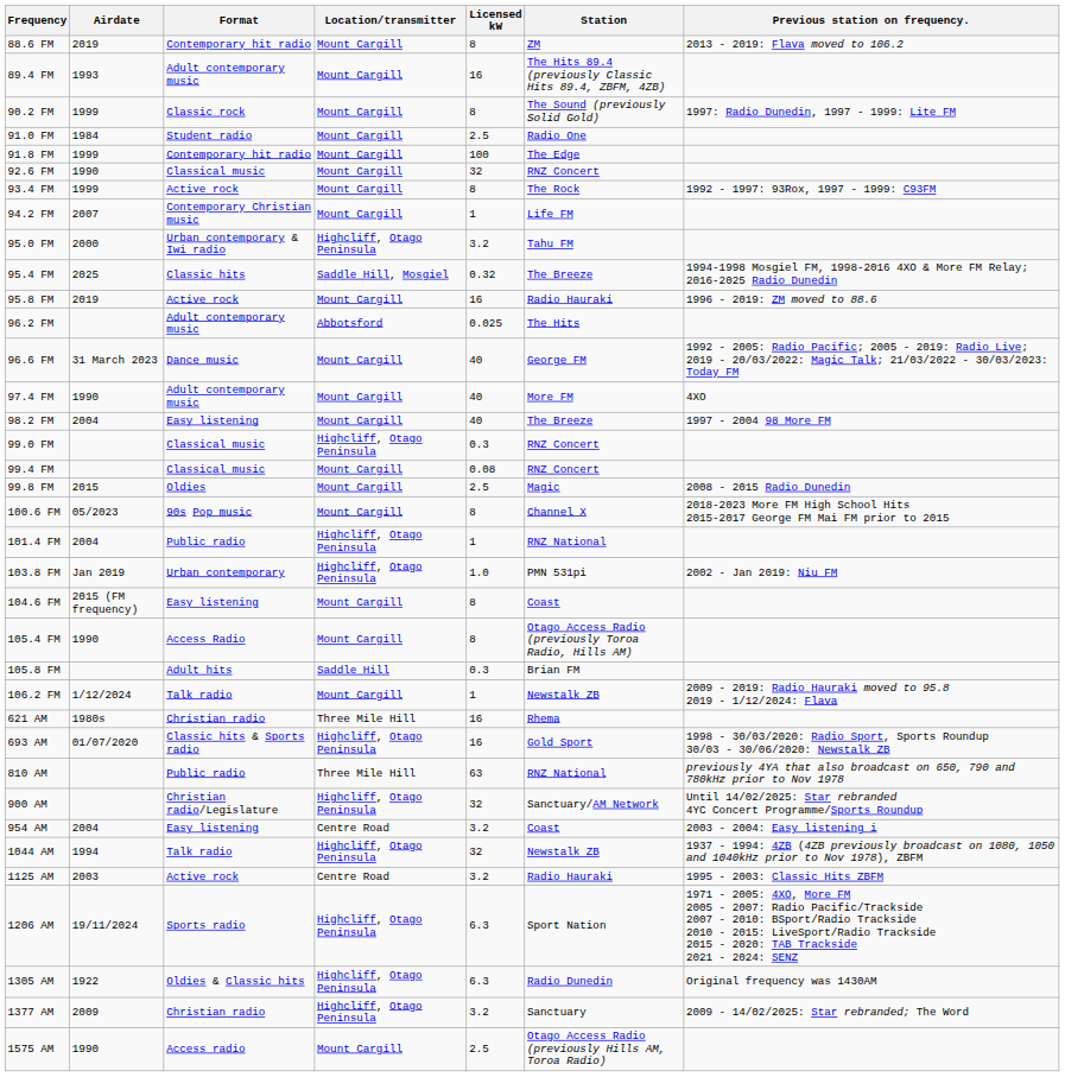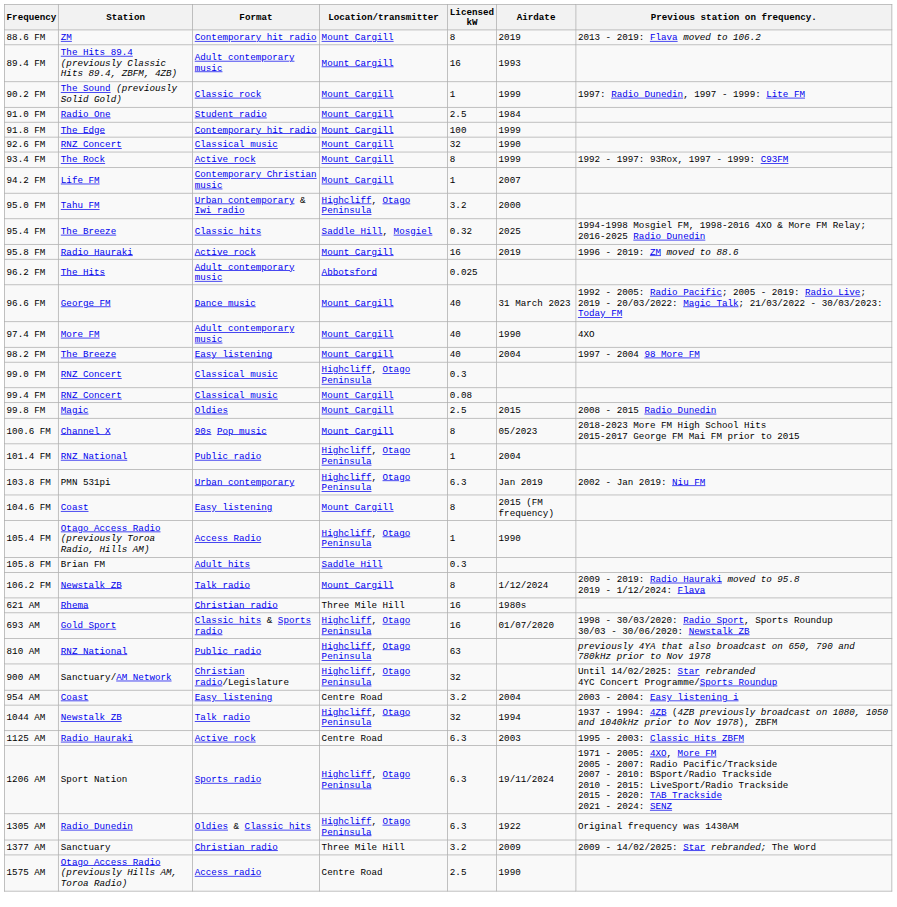 <table class="wikitable sortable defaultleft col5right">
 <tr>
 <th>Frequency<br></th>
-<th>Airdate</th>
+<th>Station</th>
 <th>Format</th>
 <th>Location/transmitter</th>
 <th>Licensed<br>kW</th>
-<th>Station</th>
+<th>Airdate</th>
 <th>Previous station on frequency.</th>
 </tr>
 <tr>
 <td>88.6 FM</td>
-<td>2019</td>
+<td><a href='#'>ZM</a></td>
 <td><a href='#'>Contemporary hit radio</a></td>
 <td><a href='#'>Mount Cargill</a></td>
 <td>8</td>
-<td><a href='#'>ZM</a></td>
+<td>2019</td>
 <td>2013 - 2019: <a href='#'>Flava</a> <em>moved to 106.2</em></td>
 </tr>
 <tr>
 <td>89.4 FM</td>
-<td>1993</td>
+<td><a href='#'>The Hits 89.4</a> <br><em>(previously Classic Hits 89.4, ZBFM, 4ZB)</em></td>
 <td><a href='#'>Adult contemporary music</a></td>
 <td><a href='#'>Mount Cargill</a></td>
 <td>16</td>
-<td><a href='#'>The Hits 89.4</a> <br><em>(previously Classic Hits 89.4, ZBFM, 4ZB)</em></td>
+<td>1993</td>
 <td></td>
 </tr>
 <tr>
 <td>90.2 FM</td>
-<td>1999</td>
+<td><a href='#'>The Sound</a> <em>(previously Solid Gold)</em></td>
 <td><a href='#'>Classic rock</a></td>
 <td><a href='#'>Mount Cargill</a></td>
-<td>8</td>
-<td><a href='#'>The Sound</a> <em>(previously Solid Gold)</em></td>
+<td>1</td>
+<td>1999</td>
 <td>1997: <a href='#'>Radio Dunedin</a>, 1997 - 1999: <a href='#'>Lite FM</a></td>
 </tr>
 <tr>
 <td>91.0 FM</td>
-<td>1984</td>
+<td><a href='#'>Radio One</a></td>
 <td><a href='#'>Student radio</a></td>
 <td><a href='#'>Mount Cargill</a></td>
 <td>2.5</td>
-<td><a href='#'>Radio One</a></td>
+<td>1984</td>
 <td></td>
 </tr>
 <tr>
 <td>91.8 FM</td>
-<td>1999</td>
+<td><a href='#'>The Edge</a></td>
 <td><a href='#'>Contemporary hit radio</a></td>
 <td><a href='#'>Mount Cargill</a></td>
 <td>100</td>
-<td><a href='#'>The Edge</a></td>
+<td>1999</td>
 <td></td>
 </tr>
 <tr>
 <td>92.6 FM</td>
-<td>1990</td>
+<td><a href='#'>RNZ Concert</a></td>
 <td><a href='#'>Classical music</a></td>
 <td><a href='#'>Mount Cargill</a></td>
 <td>32</td>
-<td><a href='#'>RNZ Concert</a></td>
+<td>1990</td>
 <td></td>
 </tr>
 <tr>
 <td>93.4 FM</td>
-<td>1999</td>
+<td><a href='#'>The Rock</a></td>
 <td><a href='#'>Active rock</a></td>
 <td><a href='#'>Mount Cargill</a></td>
 <td>8</td>
-<td><a href='#'>The Rock</a></td>
+<td>1999</td>
 <td>1992 - 1997: 93Rox, 1997 - 1999: <a href='#'>C93FM</a></td>
 </tr>
 <tr>
 <td>94.2 FM</td>
-<td>2007</td>
+<td><a href='#'>Life FM</a></td>
 <td><a href='#'>Contemporary Christian music</a></td>
 <td><a href='#'>Mount Cargill</a></td>
 <td>1</td>
-<td><a href='#'>Life FM</a></td>
+<td>2007</td>
 <td></td>
 </tr>
 <tr>
 <td>95.0 FM</td>
-<td>2000</td>
+<td><a href='#'>Tahu FM</a></td>
 <td><a href='#'>Urban contemporary</a> & <a href='#'>Iwi radio</a></td>
 <td><a href='#'>Highcliff</a>, <a href='#'>Otago Peninsula</a></td>
 <td>3.2</td>
-<td><a href='#'>Tahu FM</a></td>
+<td>2000</td>
 <td></td>
 </tr>
 <tr>
 <td>95.4 FM</td>
-<td>2025</td>
+<td><a href='#'>The Breeze</a></td>
 <td><a href='#'>Classic hits</a></td>
 <td><a href='#'>Saddle Hill</a>, <a href='#'>Mosgiel</a></td>
 <td>0.32</td>
-<td><a href='#'>The Breeze</a></td>
+<td>2025</td>
 <td>1994-1998 Mosgiel FM, 1998-2016 4XO & More FM Relay; 2016-2025 <a href='#'>Radio Dunedin</a></td>
 </tr>
 <tr>
 <td>95.8 FM</td>
-<td>2019</td>
+<td><a href='#'>Radio Hauraki</a></td>
 <td><a href='#'>Active rock</a></td>
 <td><a href='#'>Mount Cargill</a></td>
 <td>16</td>
-<td><a href='#'>Radio Hauraki</a></td>
+<td>2019</td>
 <td>1996 - 2019: <a href='#'>ZM</a> <em>moved to 88.6</em></td>
 </tr>
 <tr>
 <td>96.2 FM</td>
-<td></td>
+<td><a href='#'>The Hits</a></td>
 <td><a href='#'>Adult contemporary music</a></td>
 <td><a href='#'>Abbotsford</a></td>
 <td>0.025</td>
-<td><a href='#'>The Hits</a></td>
+<td></td>
 <td></td>
 </tr>
 <tr>
 <td>96.6 FM</td>
-<td>31 March 2023</td>
+<td><a href='#'>George FM</a></td>
 <td><a href='#'>Dance music</a></td>
 <td><a href='#'>Mount Cargill</a></td>
 <td>40</td>
-<td><a href='#'>George FM</a></td>
+<td>31 March 2023</td>
 <td>1992 - 2005: <a href='#'>Radio Pacific</a>; 2005 - 2019: <a href='#'>Radio Live</a>; 2019 - 20/03/2022: <a href='#'>Magic Talk</a>; 21/03/2022 - 30/03/2023: <a href='#'>Today FM</a></td>
 </tr>
 <tr>
 <td>97.4 FM</td>
-<td>1990</td>
+<td><a href='#'>More FM</a></td>
 <td><a href='#'>Adult contemporary music</a></td>
 <td><a href='#'>Mount Cargill</a></td>
 <td>40</td>
-<td><a href='#'>More FM</a></td>
+<td>1990</td>
 <td>4XO</td>
 </tr>
 <tr>
 <td>98.2 FM</td>
-<td>2004</td>
+<td><a href='#'>The Breeze</a></td>
 <td><a href='#'>Easy listening</a></td>
 <td><a href='#'>Mount Cargill</a></td>
 <td>40</td>
-<td><a href='#'>The Breeze</a></td>
+<td>2004</td>
 <td>1997 - 2004 <a href='#'>98 More FM</a></td>
 </tr>
 <tr>
 <td>99.0 FM</td>
-<td></td>
+<td><a href='#'>RNZ Concert</a></td>
 <td><a href='#'>Classical music</a></td>
 <td><a href='#'>Highcliff</a>, <a href='#'>Otago Peninsula</a></td>
 <td>0.3</td>
-<td><a href='#'>RNZ Concert</a></td>
+<td></td>
 <td></td>
 </tr>
 <tr>
 <td>99.4 FM</td>
-<td></td>
+<td><a href='#'>RNZ Concert</a></td>
 <td><a href='#'>Classical music</a></td>
 <td><a href='#'>Mount Cargill</a></td>
 <td>0.08</td>
-<td><a href='#'>RNZ Concert</a></td>
+<td></td>
 <td></td>
 </tr>
 <tr>
 <td>99.8 FM</td>
-<td>2015</td>
+<td><a href='#'>Magic</a></td>
 <td><a href='#'>Oldies</a></td>
 <td><a href='#'>Mount Cargill</a></td>
 <td>2.5</td>
-<td><a href='#'>Magic</a></td>
+<td>2015</td>
 <td>2008 - 2015 <a href='#'>Radio Dunedin</a></td>
 </tr>
 <tr>
 <td>100.6 FM</td>
-<td>05/2023</td>
+<td><a href='#'>Channel X</a></td>
 <td><a href='#'>90s</a> <a href='#'>Pop music</a></td>
 <td><a href='#'>Mount Cargill</a></td>
 <td>8</td>
-<td><a href='#'>Channel X</a></td>
+<td>05/2023</td>
 <td>2018-2023 More FM High School Hits<br>2015-2017 George FM Mai FM prior to 2015</td>
 </tr>
 <tr>
 <td>101.4 FM</td>
-<td>2004</td>
+<td><a href='#'>RNZ National</a></td>
 <td><a href='#'>Public radio</a></td>
 <td><a href='#'>Highcliff</a>, <a href='#'>Otago Peninsula</a></td>
 <td>1</td>
-<td><a href='#'>RNZ National</a></td>
+<td>2004</td>
 <td></td>
 </tr>
 <tr>
 <td>103.8 FM</td>
-<td>Jan 2019</td>
+<td>PMN 531pi</td>
 <td><a href='#'>Urban contemporary</a></td>
 <td><a href='#'>Highcliff</a>, <a href='#'>Otago Peninsula</a></td>
-<td>1.0</td>
-<td>PMN 531pi</td>
+<td>6.3</td>
+<td>Jan 2019</td>
 <td>2002 - Jan 2019: <a href='#'>Niu FM</a></td>
 </tr>
 <tr>
 <td>104.6 FM</td>
-<td>2015 (FM frequency)</td>
+<td><a href='#'>Coast</a></td>
 <td><a href='#'>Easy listening</a></td>
 <td><a href='#'>Mount Cargill</a></td>
 <td>8</td>
-<td><a href='#'>Coast</a></td>
+<td>2015 (FM frequency)</td>
 <td></td>
 </tr>
 <tr>
 <td>105.4 FM</td>
+<td><a href='#'>Otago Access Radio</a> <br><em>(previously Toroa Radio, Hills AM)</em></td>
+<td><a href='#'>Access Radio</a></td>
+<td><a href='#'>Highcliff</a>, <a href='#'>Otago Peninsula</a></td>
+<td>1</td>
 <td>1990</td>
-<td><a href='#'>Access Radio</a></td>
-<td><a href='#'>Mount Cargill</a></td>
-<td>8</td>
-<td><a href='#'>Otago Access Radio</a> <br><em>(previously Toroa Radio, Hills AM)</em></td>
 <td></td>
 </tr>
 <tr>
 <td>105.8 FM</td>
-<td></td>
+<td>Brian FM</td>
 <td><a href='#'>Adult hits</a></td>
 <td><a href='#'>Saddle Hill</a></td>
 <td>0.3</td>
-<td>Brian FM</td>
+<td></td>
 <td></td>
 </tr>
 <tr>
 <td>106.2 FM</td>
-<td>1/12/2024</td>
+<td><a href='#'>Newstalk ZB</a></td>
 <td><a href='#'>Talk radio</a></td>
 <td><a href='#'>Mount Cargill</a></td>
-<td>1</td>
-<td><a href='#'>Newstalk ZB</a></td>
+<td>8</td>
+<td>1/12/2024</td>
 <td>2009 - 2019: <a href='#'>Radio Hauraki</a> <em>moved to 95.8</em> <br> 2019 - 1/12/2024: <a href='#'>Flava</a></td>
 </tr>
 <tr>
 <td>621 AM</td>
-<td>1980s</td>
+<td><a href='#'>Rhema</a></td>
 <td><a href='#'>Christian radio</a></td>
 <td>Three Mile Hill</td>
 <td>16</td>
-<td><a href='#'>Rhema</a></td>
+<td>1980s</td>
 <td></td>
 </tr>
 <tr>
 <td>693 AM</td>
-<td>01/07/2020</td>
+<td><a href='#'>Gold Sport</a></td>
 <td><a href='#'>Classic hits</a> & <a href='#'>Sports radio</a></td>
 <td><a href='#'>Highcliff</a>, <a href='#'>Otago Peninsula</a></td>
 <td>16</td>
-<td><a href='#'>Gold Sport</a></td>
+<td>01/07/2020</td>
 <td>1998 - 30/03/2020: <a href='#'>Radio Sport</a>, Sports Roundup <br> 30/03 - 30/06/2020: <a href='#'>Newstalk ZB</a></td>
 </tr>
 <tr>
 <td>810 AM</td>
+<td><a href='#'>RNZ National</a></td>
+<td><a href='#'>Public radio</a></td>
+<td><a href='#'>Highcliff</a>, <a href='#'>Otago Peninsula</a></td>
+<td>63</td>
 <td></td>
-<td><a href='#'>Public radio</a></td>
-<td>Three Mile Hill</td>
-<td>63</td>
-<td><a href='#'>RNZ National</a></td>
 <td><em>previously 4YA that also broadcast on 650, 790 and 780kHz prior to Nov 1978</em></td>
 </tr>
 <tr>
 <td>900 AM</td>
-<td></td>
+<td>Sanctuary/<a href='#'>AM Network</a></td>
 <td><a href='#'>Christian radio</a>/Legislature</td>
 <td><a href='#'>Highcliff</a>, <a href='#'>Otago Peninsula</a></td>
 <td>32</td>
-<td>Sanctuary/<a href='#'>AM Network</a></td>
+<td></td>
 <td>Until 14/02/2025: <a href='#'>Star</a> <em>rebranded</em><br>4YC Concert Programme/<a href='#'>Sports Roundup</a></td>
 </tr>
 <tr>
 <td>954 AM</td>
-<td>2004</td>
+<td><a href='#'>Coast</a></td>
 <td><a href='#'>Easy listening</a></td>
 <td>Centre Road</td>
 <td>3.2</td>
-<td><a href='#'>Coast</a></td>
+<td>2004</td>
 <td>2003 - 2004: <a href='#'>Easy listening i</a></td>
 </tr>
 <tr>
 <td>1044 AM</td>
-<td>1994</td>
+<td><a href='#'>Newstalk ZB</a></td>
 <td><a href='#'>Talk radio</a></td>
 <td><a href='#'>Highcliff</a>, <a href='#'>Otago Peninsula</a></td>
 <td>32</td>
-<td><a href='#'>Newstalk ZB</a></td>
+<td>1994</td>
 <td>1937 - 1994: <a href='#'>4ZB</a> (<em>4ZB previously broadcast on 1080, 1050 and 1040kHz prior to Nov 1978</em>), ZBFM</td>
 </tr>
 <tr>
 <td>1125 AM</td>
-<td>2003</td>
+<td><a href='#'>Radio Hauraki</a></td>
 <td><a href='#'>Active rock</a></td>
 <td>Centre Road</td>
-<td>3.2</td>
-<td><a href='#'>Radio Hauraki</a></td>
+<td>6.3</td>
+<td>2003</td>
 <td>1995 - 2003: <a href='#'>Classic Hits ZBFM</a></td>
 </tr>
 <tr>
 <td>1206 AM</td>
-<td>19/11/2024</td>
+<td>Sport Nation</td>
 <td><a href='#'>Sports radio</a></td>
 <td><a href='#'>Highcliff</a>, <a href='#'>Otago Peninsula</a></td>
 <td>6.3</td>
-<td>Sport Nation</td>
+<td>19/11/2024</td>
 <td>1971 - 2005: <a href='#'>4XO</a>, <a href='#'>More FM</a> <br> 2005 - 2007: Radio Pacific/Trackside <br> 2007 - 2010: BSport/Radio Trackside <br> 2010 - 2015: LiveSport/Radio Trackside <br> 2015 - 2020: <a href='#'>TAB Trackside</a> <br> 2021 - 2024: <a href='#'>SENZ</a></td>
 </tr>
 <tr>
 <td>1305 AM</td>
-<td>1922</td>
+<td><a href='#'>Radio Dunedin</a></td>
 <td><a href='#'>Oldies</a> & <a href='#'>Classic hits</a></td>
 <td><a href='#'>Highcliff</a>, <a href='#'>Otago Peninsula</a></td>
 <td>6.3</td>
-<td><a href='#'>Radio Dunedin</a></td>
+<td>1922</td>
 <td>Original frequency was 1430AM</td>
 </tr>
 <tr>
 <td>1377 AM</td>
+<td>Sanctuary</td>
+<td><a href='#'>Christian radio</a></td>
+<td>Three Mile Hill</td>
+<td>3.2</td>
 <td>2009</td>
-<td><a href='#'>Christian radio</a></td>
-<td><a href='#'>Highcliff</a>, <a href='#'>Otago Peninsula</a></td>
-<td>3.2</td>
-<td>Sanctuary</td>
 <td>2009 - 14/02/2025: <a href='#'>Star</a> <em>rebranded;</em> The Word</td>
 </tr>
 <tr>
 <td>1575 AM</td>
+<td><a href='#'>Otago Access Radio</a> <br><em>(previously Hills AM, Toroa Radio)</em></td>
+<td><a href='#'>Access radio</a></td>
+<td>Centre Road</td>
+<td>2.5</td>
 <td>1990</td>
-<td><a href='#'>Access radio</a></td>
-<td><a href='#'>Mount Cargill</a></td>
-<td>2.5</td>
-<td><a href='#'>Otago Access Radio</a> <br><em>(previously Hills AM, Toroa Radio)</em></td>
 <td></td>
 </tr>
 </table>
